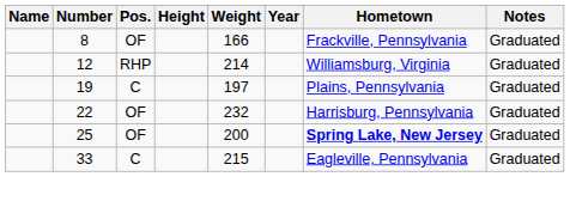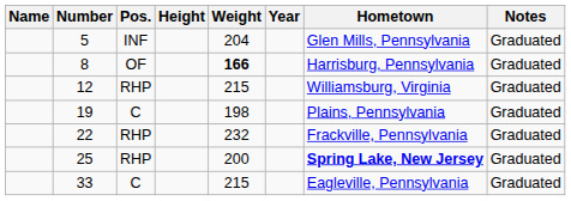 <table class="wikitable sortable sortable" style="text-align: center">
 <tr align=center>
 <th>Name</th>
 <th>Number</th>
 <th>Pos.</th>
 <th>Height</th>
 <th>Weight</th>
 <th>Year</th>
 <th>Hometown</th>
 <th>Notes</th>
 </tr>
 <tr>
 <td></td>
+<td>5</td>
+<td>INF</td>
+<td></td>
+<td>204</td>
+<td></td>
+<td align="left"><a href='#'>Glen Mills, Pennsylvania</a></td>
+<td align="left">Graduated</td>
+</tr>
+<tr>
+<td></td>
 <td>8</td>
 <td>OF</td>
 <td></td>
-<td>166</td>
+<td><strong>166</strong></td>
 <td></td>
-<td align="left"><a href='#'>Frackville, Pennsylvania</a></td>
+<td align="left"><a href='#'>Harrisburg, Pennsylvania</a></td>
 <td align="left">Graduated</td>
 </tr>
 <tr>
 <td></td>
 <td>12</td>
 <td>RHP</td>
 <td></td>
-<td>214</td>
+<td>215</td>
 <td></td>
 <td align="left"><a href='#'>Williamsburg, Virginia</a></td>
 <td align="left">Graduated</td>
 </tr>
 <tr>
 <td></td>
 <td>19</td>
 <td>C</td>
 <td></td>
-<td>197</td>
+<td>198</td>
 <td></td>
 <td align="left"><a href='#'>Plains, Pennsylvania</a></td>
 <td align="left">Graduated</td>
 </tr>
 <tr>
 <td></td>
 <td>22</td>
-<td>OF</td>
+<td>RHP</td>
 <td></td>
 <td>232</td>
 <td></td>
-<td align="left"><a href='#'>Harrisburg, Pennsylvania</a></td>
+<td align="left"><a href='#'>Frackville, Pennsylvania</a></td>
 <td align="left">Graduated</td>
 </tr>
 <tr>
 <td></td>
 <td>25</td>
-<td>OF</td>
+<td>RHP</td>
 <td></td>
 <td>200</td>
 <td></td>
 <td align="left"><strong><a href='#'>Spring Lake, New Jersey</a></strong></td>
 <td align="left">Graduated</td>
 </tr>
 <tr>
 <td></td>
 <td>33</td>
 <td>C</td>
 <td></td>
 <td>215</td>
 <td></td>
 <td align="left"><a href='#'>Eagleville, Pennsylvania</a></td>
 <td align="left">Graduated</td>
 </tr>
 </table>
